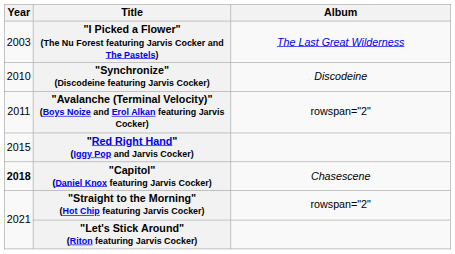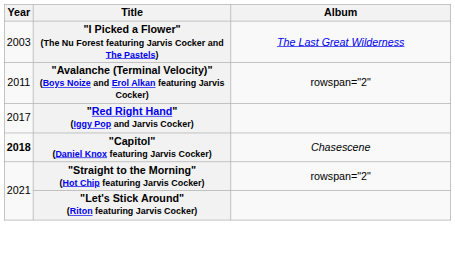 <table class="wikitable plainrowheaders" style="text-align:center;">
 <tr>
 <th>Year</th>
 <th style="width:18em;">Title</th>
 <th style="width:20em;">Album</th>
 </tr>
 <tr>
 <td>2003</td>
 <th scope="row">"I Picked a Flower" <br><small>(The Nu Forest featuring Jarvis Cocker and <a href='#'>The Pastels</a>)</small></th>
 <td><em><a href='#'>The Last Great Wilderness</a></em></td>
 </tr>
 <tr>
-<td>2010</td>
-<th scope="row">"Synchronize"<br><small>(Discodeine featuring Jarvis Cocker)</small></th>
-<td><em>Discodeine</em></td>
-</tr>
-<tr>
 <td>2011</td>
 <th scope="row">"Avalanche (Terminal Velocity)"<br><small>(<a href='#'>Boys Noize</a> and <a href='#'>Erol Alkan</a> featuring Jarvis Cocker)</small></th>
 <td>rowspan="2" </td>
 </tr>
 <tr>
-<td>2015</td>
+<td>2017</td>
 <th scope="row">"<a href='#'>Red Right Hand</a>"<br><small>(<a href='#'>Iggy Pop</a> and Jarvis Cocker)</small></th>
 </tr>
 <tr>
 <td><strong>2018</strong></td>
 <th scope="row">"Capitol"<br><small>(<a href='#'>Daniel Knox</a> featuring Jarvis Cocker)</small></th>
 <td><em>Chasescene</em></td>
 </tr>
 <tr>
 <td rowspan="2">2021</td>
 <th scope="row">"Straight to the Morning"<br><small>(<a href='#'>Hot Chip</a> featuring Jarvis Cocker)</small></th>
 <td>rowspan="2" </td>
 </tr>
 <tr>
 <th scope="row">"Let's Stick Around" <br><small>(<a href='#'>Riton</a> featuring Jarvis Cocker)</small></th>
 </tr>
 </table>
